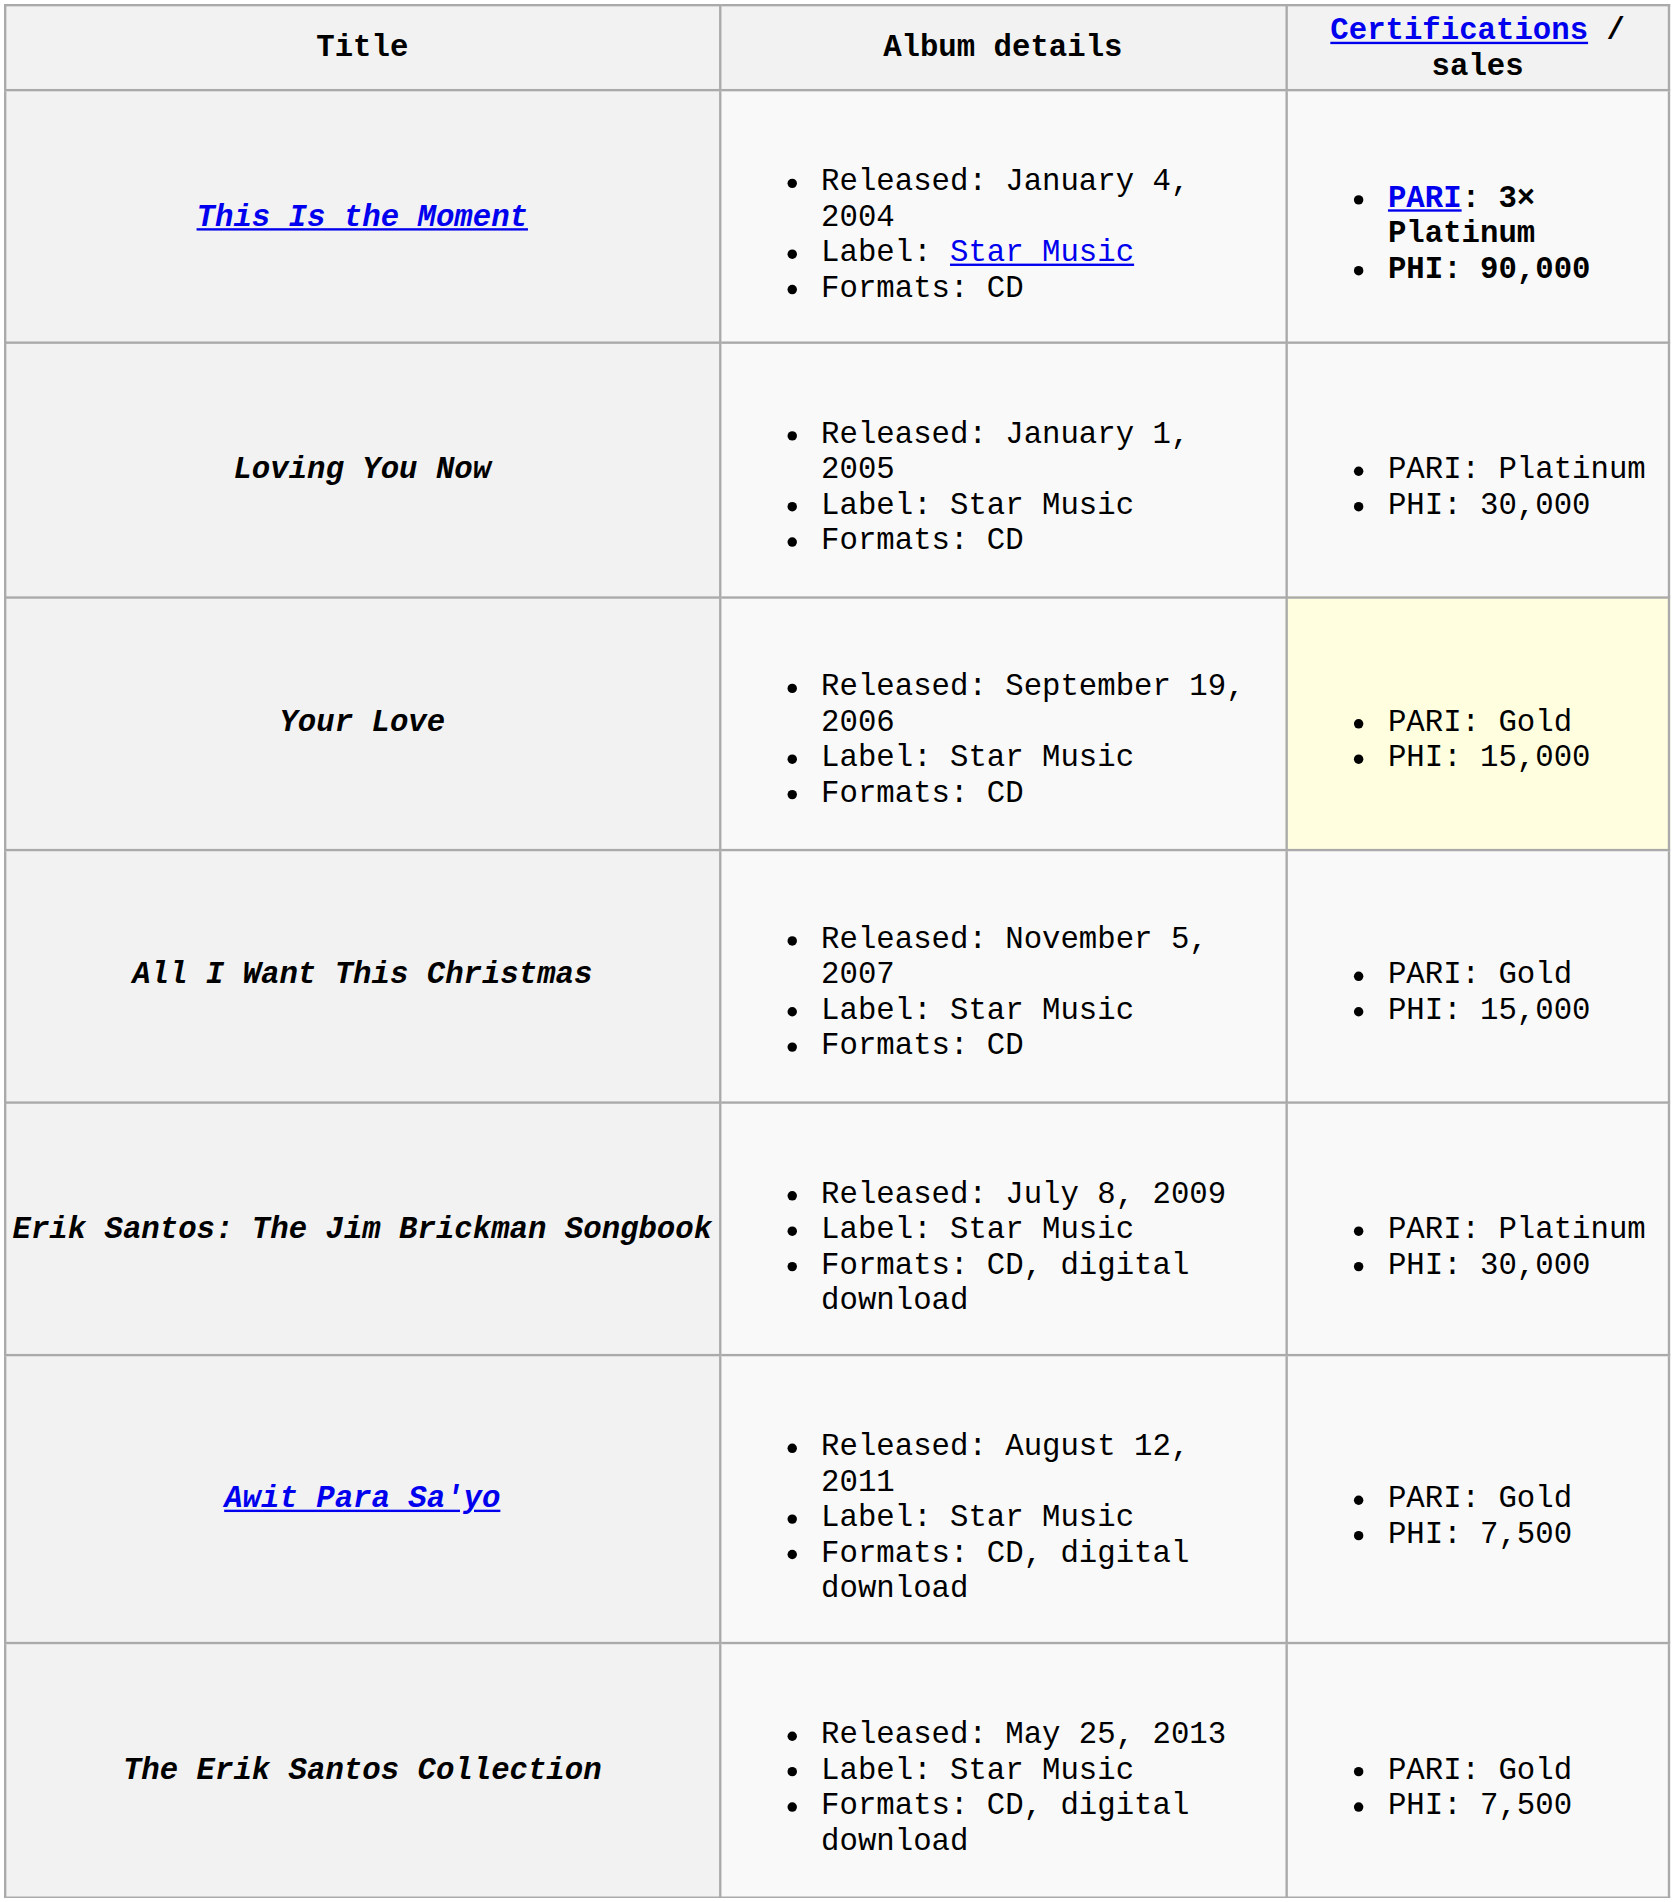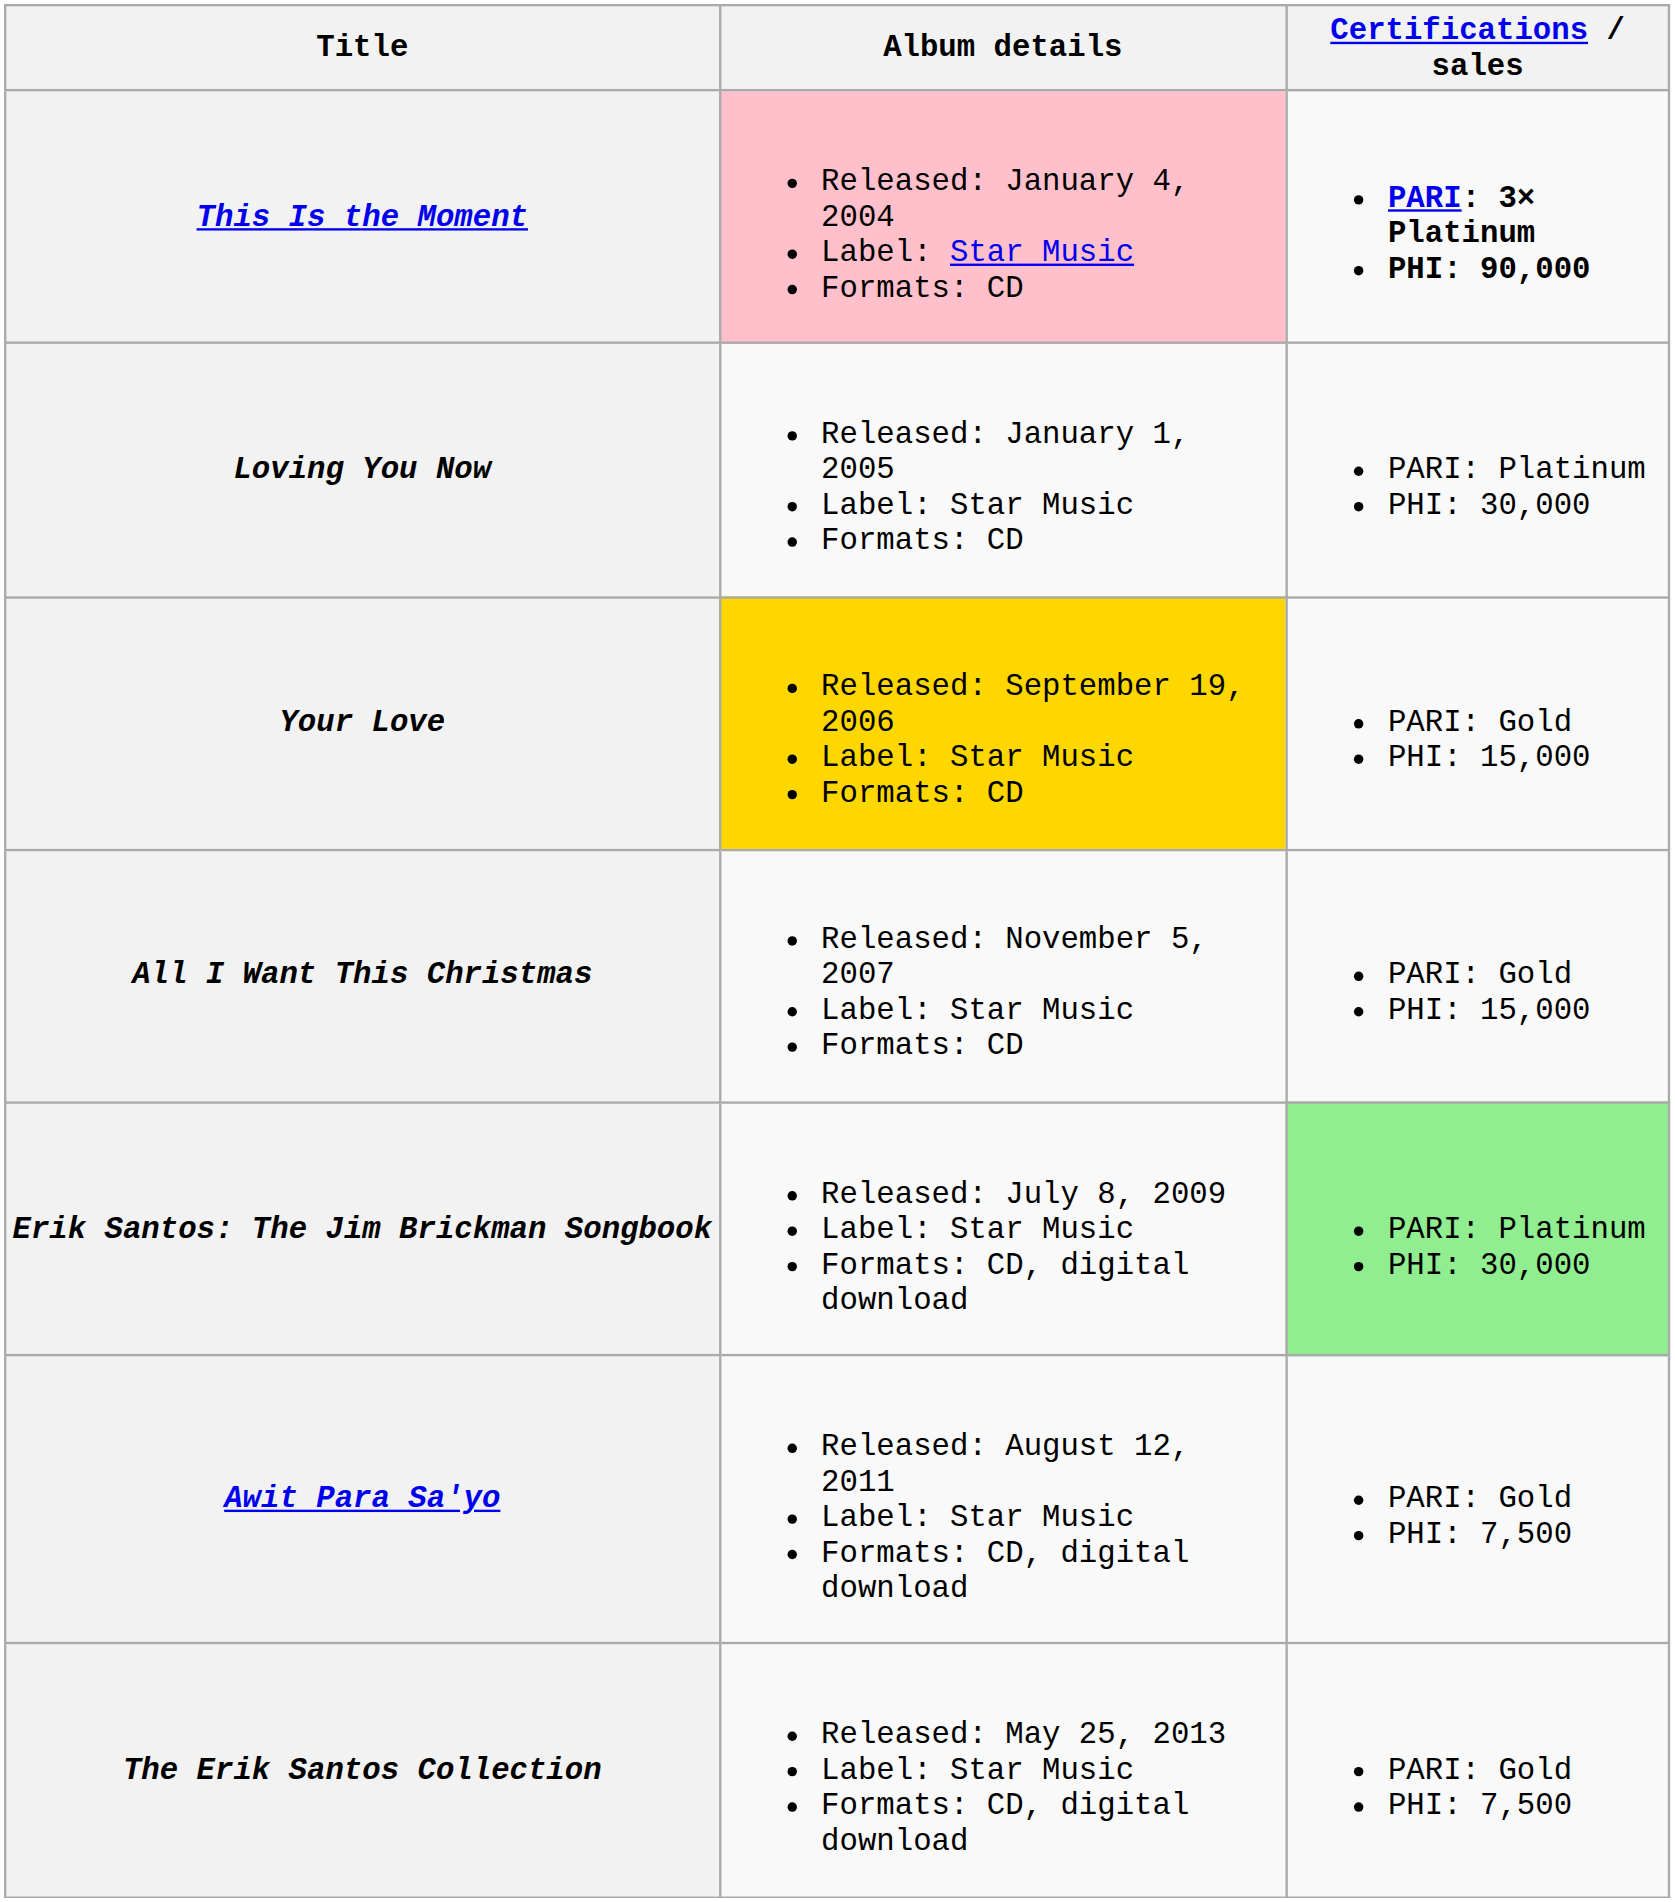 <table class="wikitable plainrowheaders">
 <tr>
 <th>Title</th>
 <th style="width:18em;">Album details</th>
 <th style="width:12em;"><a href='#'>Certifications</a> / sales</th>
 </tr>
 <tr>
 <th scope="row"><em><a href='#'>This Is the Moment</a></em></th>
-<td><br><ul><li>Released: January 4, 2004</li><li>Label: <a href='#'>Star Music</a></li><li>Formats: CD</li></ul></td>
+<td style="background: pink;"><br><ul><li>Released: January 4, 2004</li><li>Label: <a href='#'>Star Music</a></li><li>Formats: CD</li></ul></td>
 <td><strong><br><ul><li><a href='#'>PARI</a>: 3× Platinum</li><li>PHI: 90,000</li></ul></strong></td>
 </tr>
 <tr>
 <th scope="row"><em>Loving You Now</em></th>
 <td><br><ul><li>Released: January 1, 2005</li><li>Label: Star Music</li><li>Formats: CD</li></ul></td>
 <td><br><ul><li>PARI: Platinum</li><li>PHI: 30,000</li></ul></td>
 </tr>
 <tr>
 <th scope="row"><em>Your Love</em></th>
-<td><br><ul><li>Released: September 19, 2006</li><li>Label: Star Music</li><li>Formats: CD</li></ul></td>
-<td style="background: lightyellow;"><br><ul><li>PARI: Gold</li><li>PHI: 15,000</li></ul></td>
+<td style="background: gold;"><br><ul><li>Released: September 19, 2006</li><li>Label: Star Music</li><li>Formats: CD</li></ul></td>
+<td><br><ul><li>PARI: Gold</li><li>PHI: 15,000</li></ul></td>
 </tr>
 <tr>
 <th scope="row"><em>All I Want This Christmas</em></th>
 <td><br><ul><li>Released: November 5, 2007</li><li>Label: Star Music</li><li>Formats: CD</li></ul></td>
 <td><br><ul><li>PARI: Gold</li><li>PHI: 15,000</li></ul></td>
 </tr>
 <tr>
 <th scope="row"><em>Erik Santos: The Jim Brickman Songbook</em></th>
 <td><br><ul><li>Released: July 8, 2009</li><li>Label: Star Music</li><li>Formats: CD, digital download</li></ul></td>
-<td><br><ul><li>PARI: Platinum</li><li>PHI: 30,000</li></ul></td>
+<td style="background: lightgreen;"><br><ul><li>PARI: Platinum</li><li>PHI: 30,000</li></ul></td>
 </tr>
 <tr>
 <th scope="row"><em><a href='#'>Awit Para Sa'yo</a></em></th>
 <td><br><ul><li>Released: August 12, 2011</li><li>Label: Star Music</li><li>Formats: CD, digital download</li></ul></td>
 <td><br><ul><li>PARI: Gold</li><li>PHI: 7,500</li></ul></td>
 </tr>
 <tr>
 <th scope="row"><em>The Erik Santos Collection</em></th>
 <td><br><ul><li>Released: May 25, 2013</li><li>Label: Star Music</li><li>Formats: CD, digital download</li></ul></td>
 <td><br><ul><li>PARI: Gold</li><li>PHI: 7,500</li></ul></td>
 </tr>
 <tr>
 </tr>
 </table>
